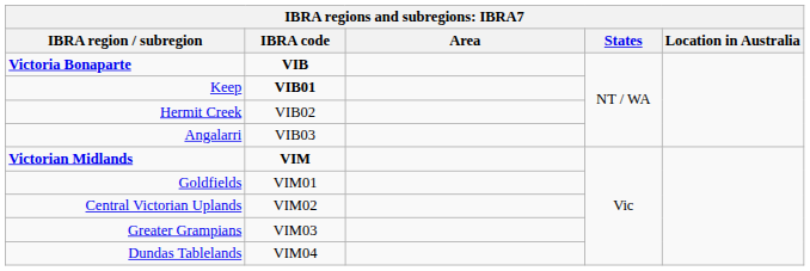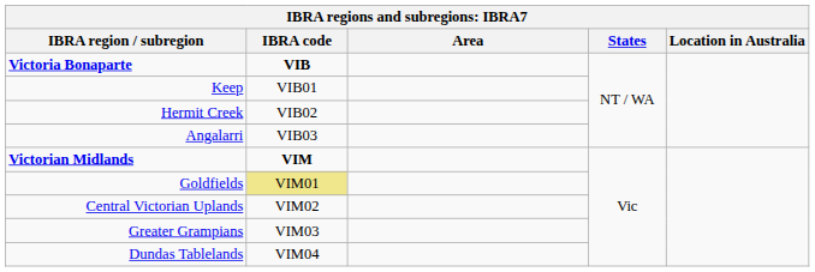 <table class="wikitable sortable">
 <tr>
 <th rowwidth=100px colspan=5>IBRA regions and subregions: IBRA7</th>
 </tr>
 <tr>
 <th scope="col" style="width:250px;">IBRA region / subregion</th>
 <th scope="col" style="width:100px;">IBRA code</th>
 <th scope="col" style="width:250px;">Area</th>
 <th scope="col" style="width:75px;"><a href='#'>States</a></th>
 <th>Location in Australia</th>
 </tr>
 <tr>
 <td><strong><a href='#'>Victoria Bonaparte</a></strong></td>
 <td style="text-align:center;"><strong>VIB</strong></td>
 <td align="right"><strong></strong></td>
 <td style="text-align:center;" rowspan="4">NT / WA</td>
 <td style="text-align:center;" rowspan="4"></td>
 </tr>
 <tr>
 <td align="right"><a href='#'>Keep</a></td>
-<td style="text-align:center;"><strong>VIB01</strong></td>
+<td style="text-align:center;">VIB01</td>
 <td align="right"></td>
 </tr>
 <tr>
 <td align="right"><a href='#'>Hermit Creek</a></td>
 <td style="text-align:center;">VIB02</td>
 <td align="right"></td>
 </tr>
 <tr>
 <td align="right"><a href='#'>Angalarri</a></td>
 <td style="text-align:center;">VIB03</td>
 <td align="right"></td>
 </tr>
 <tr>
 <td><strong><a href='#'>Victorian Midlands</a></strong></td>
 <td style="text-align:center;"><strong>VIM</strong></td>
 <td align="right"><strong></strong></td>
 <td style="text-align:center;" rowspan="5">Vic</td>
 <td style="text-align:center;" rowspan="5"></td>
 </tr>
 <tr>
 <td align="right"><a href='#'>Goldfields</a></td>
-<td style="text-align:center;">VIM01</td>
+<td style="background: khaki; text-align:center;">VIM01</td>
 <td align="right"></td>
 </tr>
 <tr>
 <td align="right"><a href='#'>Central Victorian Uplands</a></td>
 <td style="text-align:center;">VIM02</td>
 <td align="right"></td>
 </tr>
 <tr>
 <td align="right"><a href='#'>Greater Grampians</a></td>
 <td style="text-align:center;">VIM03</td>
 <td align="right"></td>
 </tr>
 <tr>
 <td align="right"><a href='#'>Dundas Tablelands</a></td>
 <td style="text-align:center;">VIM04</td>
 <td align="right"></td>
 </tr>
 </table>
